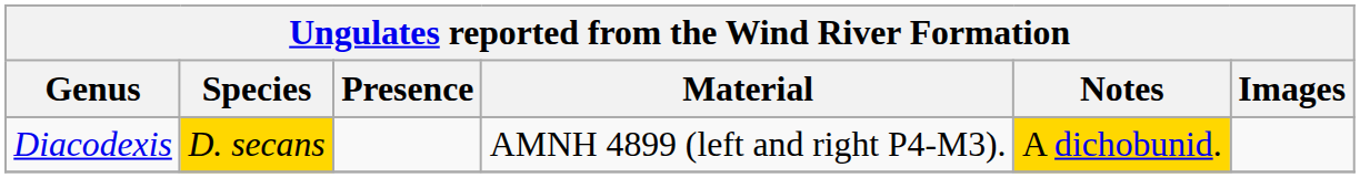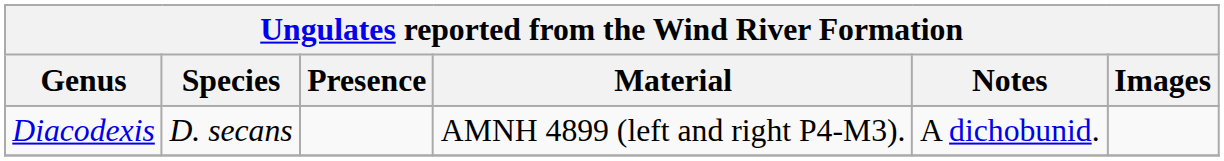 <table class="wikitable" align="center">
 <tr>
 <th colspan="6" align="center"><strong><a href='#'>Ungulates</a> reported from the Wind River Formation</strong></th>
 </tr>
 <tr>
 <th>Genus</th>
 <th>Species</th>
 <th>Presence</th>
 <th><strong>Material</strong></th>
 <th>Notes</th>
 <th>Images</th>
 </tr>
 <tr>
 <td><em><a href='#'>Diacodexis</a></em></td>
-<td style="background: gold;"><em>D. secans</em></td>
+<td><em>D. secans</em></td>
 <td></td>
 <td>AMNH 4899 (left and right P4-M3).</td>
-<td style="background: gold;">A <a href='#'>dichobunid</a>.</td>
+<td>A <a href='#'>dichobunid</a>.</td>
 <td></td>
 </tr>
 <tr>
 </tr>
 </table>
